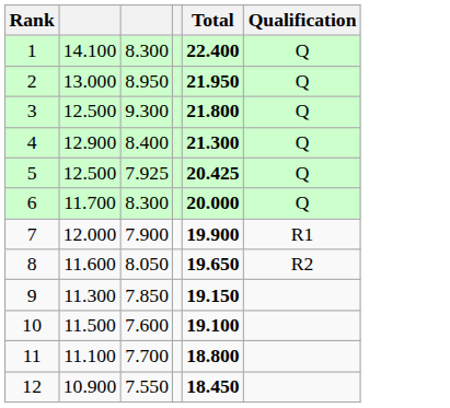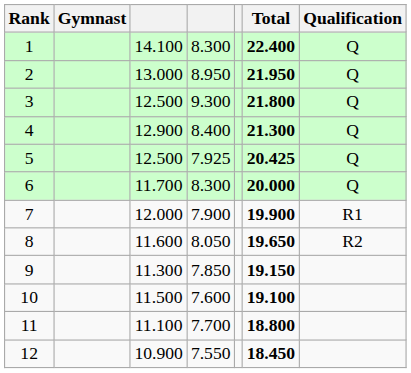 <table class="wikitable sortable" style="text-align:center">
 <tr>
 <th>Rank</th>
+<th>Gymnast</th>
 <th><small></small></th>
 <th><small></small></th>
 <th><small></small></th>
 <th>Total</th>
 <th>Qualification</th>
 </tr>
 <tr bgcolor=ccffcc>
 <td>1</td>
+<td align=left></td>
 <td>14.100</td>
 <td>8.300</td>
 <td></td>
 <td><strong>22.400</strong></td>
 <td>Q</td>
 </tr>
 <tr bgcolor=ccffcc>
 <td>2</td>
+<td align=left></td>
 <td>13.000</td>
 <td>8.950</td>
 <td></td>
 <td><strong>21.950</strong></td>
 <td>Q</td>
 </tr>
 <tr bgcolor=ccffcc>
 <td>3</td>
+<td align=left></td>
 <td>12.500</td>
 <td>9.300</td>
 <td></td>
 <td><strong>21.800</strong></td>
 <td>Q</td>
 </tr>
 <tr bgcolor=ccffcc>
 <td>4</td>
+<td align=left></td>
 <td>12.900</td>
 <td>8.400</td>
 <td></td>
 <td><strong>21.300</strong></td>
 <td>Q</td>
 </tr>
 <tr bgcolor=ccffcc>
 <td>5</td>
+<td align=left></td>
 <td>12.500</td>
 <td>7.925</td>
 <td></td>
 <td><strong>20.425</strong></td>
 <td>Q</td>
 </tr>
 <tr bgcolor=ccffcc>
 <td>6</td>
+<td align=left></td>
 <td>11.700</td>
 <td>8.300</td>
 <td></td>
 <td><strong>20.000</strong></td>
 <td>Q</td>
 </tr>
 <tr>
 <td>7</td>
+<td align=left></td>
 <td>12.000</td>
 <td>7.900</td>
 <td></td>
 <td><strong>19.900</strong></td>
 <td>R1</td>
 </tr>
 <tr>
 <td>8</td>
+<td align=left></td>
 <td>11.600</td>
 <td>8.050</td>
 <td></td>
 <td><strong>19.650</strong></td>
 <td>R2</td>
 </tr>
 <tr>
 <td>9</td>
+<td align=left></td>
 <td>11.300</td>
 <td>7.850</td>
 <td></td>
 <td><strong>19.150</strong></td>
 <td></td>
 </tr>
 <tr>
 <td>10</td>
+<td align=left></td>
 <td>11.500</td>
 <td>7.600</td>
 <td></td>
 <td><strong>19.100</strong></td>
 <td></td>
 </tr>
 <tr>
 <td>11</td>
+<td align=left></td>
 <td>11.100</td>
 <td>7.700</td>
 <td></td>
 <td><strong>18.800</strong></td>
 <td></td>
 </tr>
 <tr>
 <td>12</td>
+<td align=left></td>
 <td>10.900</td>
 <td>7.550</td>
 <td></td>
 <td><strong>18.450</strong></td>
 <td></td>
 </tr>
 </table>
